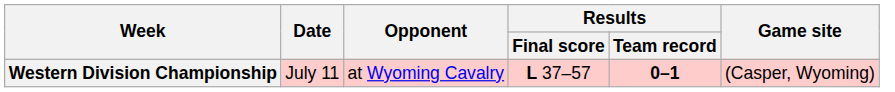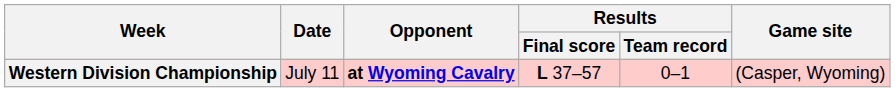 <table class="wikitable" style="font-size: 92%;" "align=center">
 <tr>
 <th rowspan="2">Week</th>
 <th rowspan="2">Date</th>
 <th rowspan="2">Opponent</th>
 <th colspan="2">Results</th>
 <th rowspan="2">Game site</th>
 </tr>
 <tr>
 <th>Final score</th>
 <th>Team record</th>
 </tr>
 <tr style="background:#fcc">
 <th>Western Division Championship</th>
 <td style="text-align:center;">July 11</td>
-<td style="text-align:center;">at <a href='#'>Wyoming Cavalry</a></td>
+<td style="text-align:center;"><strong>at <a href='#'>Wyoming Cavalry</a></strong></td>
 <td style="text-align:center;"><strong>L</strong> 37–57</td>
-<td style="text-align:center;"><strong>0–1</strong></td>
+<td style="text-align:center;">0–1</td>
 <td style="text-align:center;">(Casper, Wyoming)</td>
 </tr>
 </table>
